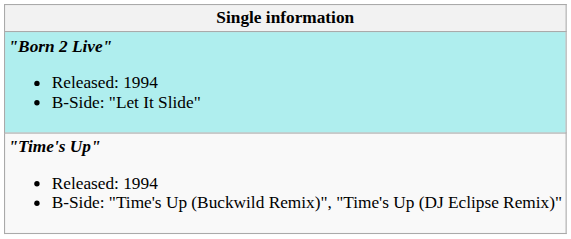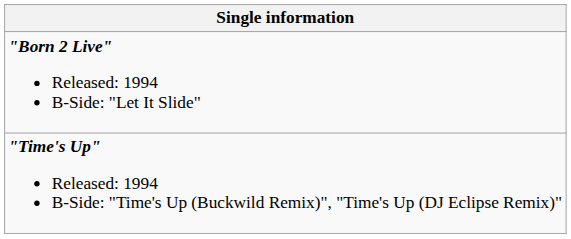 <table class="wikitable">
 <tr>
 <th>Single information</th>
 </tr>
 <tr>
-<td style="background: paleturquoise;"><strong><em>"Born 2 Live"</em></strong><br><ul><li>Released: 1994</li><li>B-Side: "Let It Slide"</li></ul></td>
+<td><strong><em>"Born 2 Live"</em></strong><br><ul><li>Released: 1994</li><li>B-Side: "Let It Slide"</li></ul></td>
 </tr>
 <tr>
 <td><strong><em>"Time's Up"</em></strong><br><ul><li>Released: 1994</li><li>B-Side: "Time's Up (Buckwild Remix)", "Time's Up (DJ Eclipse Remix)"</li></ul></td>
 </tr>
 </table>
